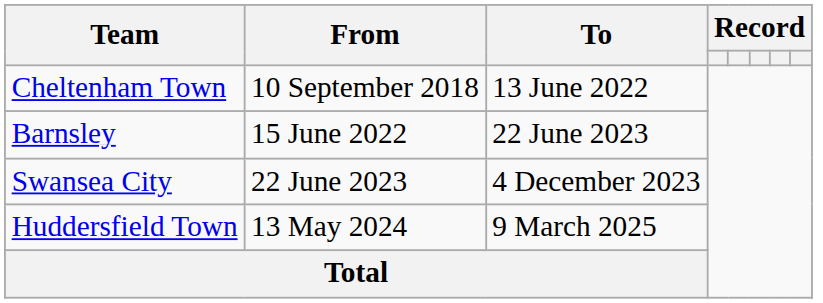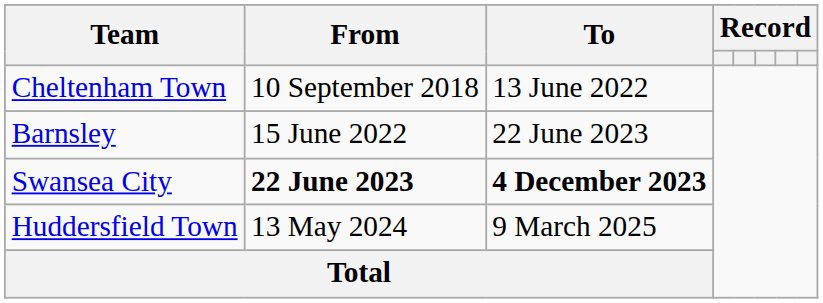 <table class=wikitable style=text-align:center>
 <tr>
 <th rowspan=2>Team</th>
 <th rowspan=2>From</th>
 <th rowspan=2>To</th>
 <th colspan=5>Record</th>
 </tr>
 <tr>
 <th></th>
 <th></th>
 <th></th>
 <th></th>
 <th></th>
 </tr>
 <tr>
 <td align=left><a href='#'>Cheltenham Town</a></td>
 <td align=left>10 September 2018</td>
 <td align=left>13 June 2022<br></td>
 </tr>
 <tr>
 <td align=left><a href='#'>Barnsley</a></td>
 <td align=left>15 June 2022</td>
 <td align=left>22 June 2023<br></td>
 </tr>
 <tr>
 <td align=left><a href='#'>Swansea City</a></td>
-<td align=left>22 June 2023</td>
-<td align=left>4 December 2023<br></td>
+<td align=left><strong>22 June 2023</strong></td>
+<td align=left><strong>4 December 2023<br></strong></td>
 </tr>
 <tr>
 <td align=left><a href='#'>Huddersfield Town</a></td>
 <td align=left>13 May 2024</td>
 <td align=left>9 March 2025<br></td>
 </tr>
 <tr>
 <th colspan=3>Total<br></th>
 </tr>
 </table>
